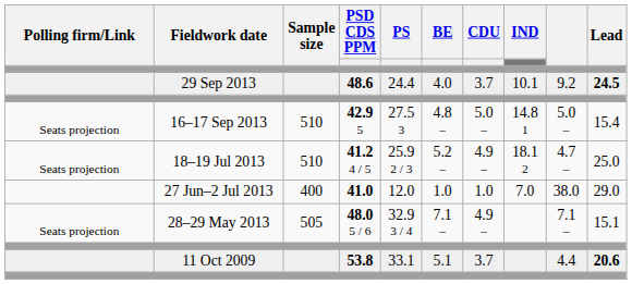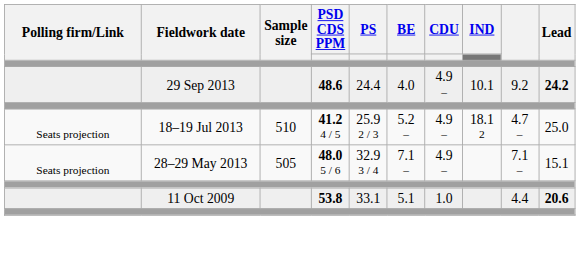 <table class="wikitable collapsible sortable" style="text-align:center; font-size:95%; line-height:16px;">
 <tr style="height:42px;">
 <th style="width:145px;" rowspan="2">Polling firm/Link</th>
 <th style="width:125px;" rowspan="2">Fieldwork date</th>
 <th class="unsortable" style="width:50px;" rowspan="2">Sample size</th>
 <th class="unsortable" style="width:35px;"><a href='#'>PSD</a><br><a href='#'>CDS</a><br><a href='#'>PPM</a></th>
 <th class="unsortable" style="width:35px;"><a href='#'>PS</a></th>
 <th class="unsortable" style="width:35px;"><a href='#'>BE</a></th>
 <th class="unsortable" style="width:35px;"><a href='#'>CDU</a></th>
 <th class="unsortable" style="width:35px;"><a href='#'>IND</a></th>
 <th class="unsortable" style="width:35px;" rowspan="2"></th>
 <th class="unsortable" style="width:30px;" rowspan="2">Lead</th>
 </tr>
 <tr>
 <th class="unsortable" style="color:inherit;background:"></th>
 <th class="unsortable" style="color:inherit;background:"></th>
 <th class="unsortable" style="color:inherit;background:"></th>
 <th class="unsortable" style="color:inherit;background:"></th>
 <th class="unsortable" style="color:inherit;background:#777777;"></th>
 </tr>
 <tr>
 <td colspan="10" style="background:#A0A0A0"></td>
 </tr>
 <tr style="background:#EFEFEF;">
 <td><strong></strong></td>
 <td data-sort-value="2019-10-06">29 Sep 2013</td>
 <td></td>
 <td><strong>48.6</strong><br></td>
 <td>24.4<br></td>
 <td>4.0<br></td>
-<td>3.7<br></td>
+<td align="center">4.9<br><small> – </small></td>
 <td>10.1<br></td>
 <td>9.2<br></td>
-<td style="background:"><strong>24.5</strong></td>
+<td style="background:"><strong>24.2</strong></td>
 </tr>
 <tr>
 <td colspan="10" style="background:#A0A0A0"></td>
-</tr>
-<tr>
-<td align="center"><br><small>Seats projection</small></td>
-<td align="center">16–17 Sep 2013</td>
-<td>510</td>
-<td align="center" ><strong>42.9</strong><br><small>5 </small></td>
-<td align="center">27.5<br><small>3 </small></td>
-<td align="center">4.8<br><small> – </small></td>
-<td align="center">5.0<br><small> – </small></td>
-<td align="center">14.8<br><small> 1 </small></td>
-<td align="center">5.0<br><small> – </small></td>
-<td style="background:">15.4</td>
 </tr>
 <tr>
 <td align="center"><br><small>Seats projection</small></td>
 <td align="center">18–19 Jul 2013</td>
 <td>510</td>
 <td align="center" ><strong>41.2</strong><br><small>4 / 5 </small></td>
 <td align="center">25.9<br><small>2 / 3 </small></td>
 <td align="center">5.2<br><small> – </small></td>
 <td align="center">4.9<br><small> – </small></td>
 <td align="center">18.1<br><small> 2 </small></td>
 <td align="center">4.7<br><small> – </small></td>
 <td style="background:">25.0</td>
-</tr>
-<tr>
-<td align="center"></td>
-<td align="center">27 Jun–2 Jul 2013</td>
-<td>400</td>
-<td align="center" ><strong>41.0</strong></td>
-<td align="center">12.0</td>
-<td align="center">1.0</td>
-<td align="center">1.0</td>
-<td align="center">7.0</td>
-<td align="center">38.0</td>
-<td style="background:">29.0</td>
 </tr>
 <tr>
 <td align="center"><br><small>Seats projection</small></td>
 <td align="center">28–29 May 2013</td>
 <td>505</td>
 <td align="center" ><strong>48.0</strong><br><small>5 / 6 </small></td>
 <td align="center">32.9<br><small>3 / 4 </small></td>
 <td align="center">7.1<br><small> – </small></td>
 <td align="center">4.9<br><small> – </small></td>
 <td></td>
 <td align="center">7.1<br><small> – </small></td>
 <td style="background:">15.1</td>
 </tr>
 <tr>
 <td colspan="10" style="background:#A0A0A0"></td>
 </tr>
 <tr style="background:#EFEFEF;">
 <td><strong></strong></td>
 <td data-sort-value="2019-10-06">11 Oct 2009</td>
 <td></td>
 <td><strong>53.8</strong><br></td>
 <td>33.1<br></td>
 <td>5.1<br></td>
-<td>3.7<br></td>
+<td align="center">1.0</td>
 <td></td>
 <td>4.4<br></td>
 <td style="background:"><strong>20.6</strong></td>
 </tr>
 <tr>
 <td colspan="10" style="background:#A0A0A0"></td>
 </tr>
 <tr>
 </tr>
 </table>
